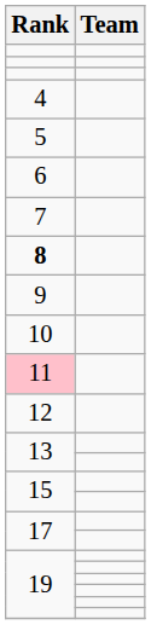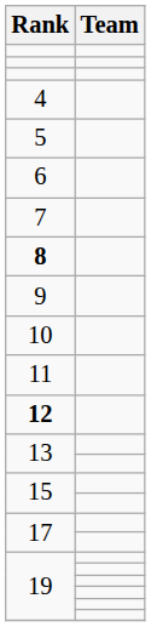 <table class="wikitable">
 <tr>
 <th>Rank</th>
 <th>Team</th>
 </tr>
 <tr>
 <td align=center></td>
 <td></td>
 </tr>
 <tr>
 <td align=center></td>
 <td></td>
 </tr>
 <tr>
 <td align=center></td>
 <td></td>
 </tr>
 <tr>
 <td align=center>4</td>
 <td></td>
 </tr>
 <tr>
 <td align=center>5</td>
 <td></td>
 </tr>
 <tr>
 <td align=center>6</td>
 <td></td>
 </tr>
 <tr>
 <td align=center>7</td>
 <td></td>
 </tr>
 <tr>
 <td align=center><strong>8</strong></td>
 <td></td>
 </tr>
 <tr>
 <td align=center>9</td>
 <td></td>
 </tr>
 <tr>
 <td align=center>10</td>
 <td></td>
 </tr>
 <tr>
-<td align=center style="background: pink;">11</td>
+<td align=center>11</td>
 <td></td>
 </tr>
 <tr>
-<td align=center>12</td>
+<td align=center><strong>12</strong></td>
 <td></td>
 </tr>
 <tr>
 <td rowspan=2 align=center>13</td>
 <td></td>
 </tr>
 <tr>
 <td></td>
 </tr>
 <tr>
 <td rowspan=2 align=center>15</td>
 <td></td>
 </tr>
 <tr>
 <td></td>
 </tr>
 <tr>
 <td rowspan=2 align=center>17</td>
 <td></td>
 </tr>
 <tr>
 <td></td>
 </tr>
 <tr>
 <td rowspan=6 align=center>19</td>
 <td></td>
 </tr>
 <tr>
 <td></td>
 </tr>
 <tr>
 <td></td>
 </tr>
 <tr>
 <td></td>
 </tr>
 <tr>
 <td></td>
 </tr>
 <tr>
 <td></td>
 </tr>
 <tr>
 </tr>
 </table>
